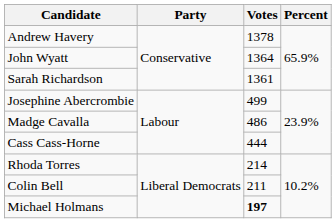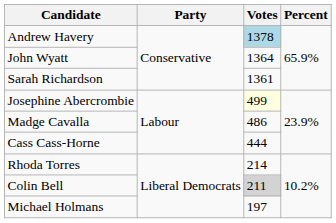 <table class="wikitable">
 <tr>
 <th>Candidate</th>
 <th>Party</th>
 <th>Votes</th>
 <th>Percent</th>
 </tr>
 <tr>
 <td>Andrew Havery</td>
 <td rowspan="3">Conservative</td>
-<td>1378</td>
+<td style="background: lightblue;">1378</td>
 <td rowspan="3">65.9%</td>
 </tr>
 <tr>
 <td>John Wyatt</td>
 <td>1364</td>
 </tr>
 <tr>
 <td>Sarah Richardson</td>
 <td>1361</td>
 </tr>
 <tr>
 <td>Josephine Abercrombie</td>
 <td rowspan="3">Labour</td>
-<td>499</td>
+<td style="background: lightyellow;">499</td>
 <td rowspan="3">23.9%</td>
 </tr>
 <tr>
 <td>Madge Cavalla</td>
 <td>486</td>
 </tr>
 <tr>
 <td>Cass Cass-Horne</td>
 <td>444</td>
 </tr>
 <tr>
 <td>Rhoda Torres</td>
 <td rowspan="3">Liberal Democrats</td>
 <td>214</td>
 <td rowspan="3">10.2%</td>
 </tr>
 <tr>
 <td>Colin Bell</td>
-<td>211</td>
+<td style="background: lightgrey;">211</td>
 </tr>
 <tr>
 <td>Michael Holmans</td>
-<td><strong>197</strong></td>
+<td>197</td>
 </tr>
 </table>
